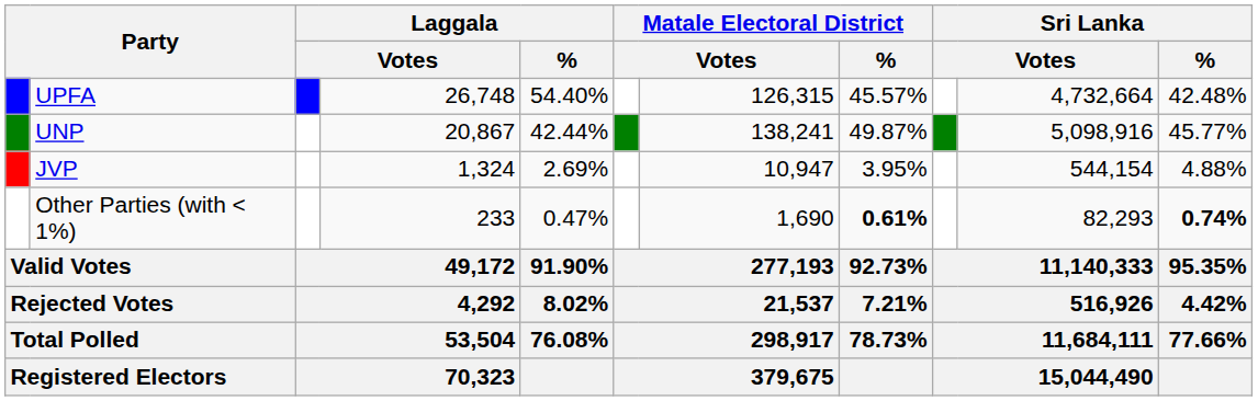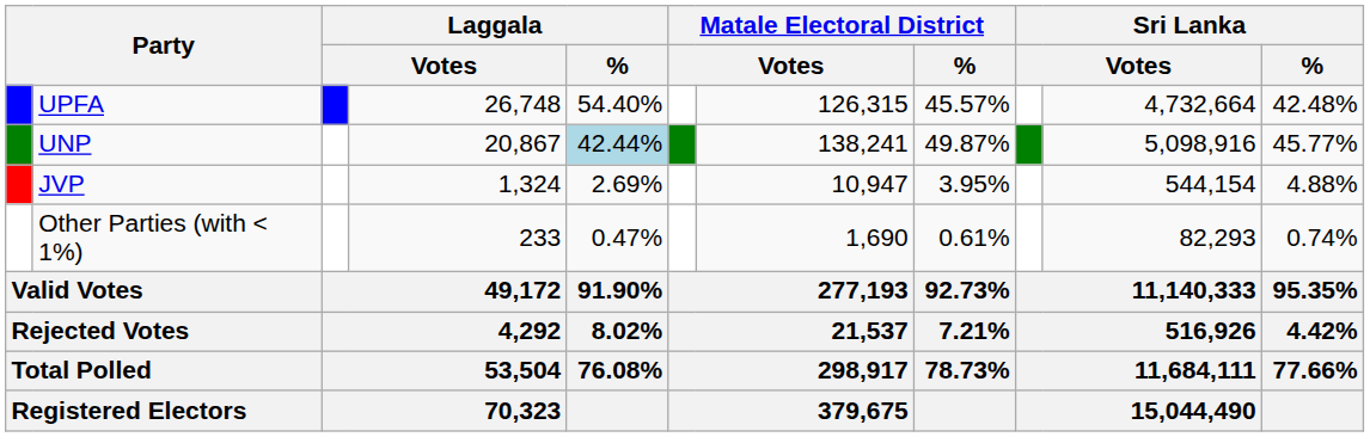 <table class="wikitable">
 <tr>
 <th colspan="2" width="144px"rowspan="2">Party</th>
 <th colspan="3" width="216px">Laggala</th>
 <th colspan="3" width="216px"><a href='#'>Matale Electoral District</a></th>
 <th colspan="3" width="216px">Sri Lanka</th>
 </tr>
 <tr>
 <th colspan="2" width="144px">Votes</th>
 <th>%</th>
 <th colspan="2" width="144px">Votes</th>
 <th>%</th>
 <th colspan="2" width="144px">Votes</th>
 <th>%</th>
 </tr>
 <tr>
 <td style="background-color:blue;" width="10px"></td>
 <td style="text-align:left;"><a href='#'>UPFA</a></td>
 <td style="background-color:blue;" width="10px"></td>
 <td style="text-align:right;">26,748</td>
 <td style="text-align:right;">54.40%</td>
 <td style="background-color:white;" width="10px"></td>
 <td style="text-align:right;">126,315</td>
 <td style="text-align:right;">45.57%</td>
 <td style="background-color:white;" width="10px"></td>
 <td style="text-align:right;">4,732,664</td>
 <td style="text-align:right;">42.48%</td>
 </tr>
 <tr>
 <td style="background-color:green;" width="10px"></td>
 <td style="text-align:left;"><a href='#'>UNP</a></td>
 <td style="background-color:white;" width="10px"></td>
 <td style="text-align:right;">20,867</td>
-<td style="text-align:right;">42.44%</td>
+<td style="background: lightblue; text-align:right;">42.44%</td>
 <td style="background-color:green;" width="10px"></td>
 <td style="text-align:right;">138,241</td>
 <td style="text-align:right;">49.87%</td>
 <td style="background-color:green;" width="10px"></td>
 <td style="text-align:right;">5,098,916</td>
 <td style="text-align:right;">45.77%</td>
 </tr>
 <tr>
 <td style="background-color:red;" width="10px"></td>
 <td style="text-align:left;"><a href='#'>JVP</a></td>
 <td style="background-color:white;" width="10px"></td>
 <td style="text-align:right;">1,324</td>
 <td style="text-align:right;">2.69%</td>
 <td style="background-color:white;" width="10px"></td>
 <td style="text-align:right;">10,947</td>
 <td style="text-align:right;">3.95%</td>
 <td style="background-color:white;" width="10px"></td>
 <td style="text-align:right;">544,154</td>
 <td style="text-align:right;">4.88%</td>
 </tr>
 <tr>
 <td style="background-color:white;" width="10px"></td>
 <td style="text-align:left;">Other Parties (with < 1%)</td>
 <td style="background-color:white;" width="10px"></td>
 <td style="text-align:right;">233</td>
 <td style="text-align:right;">0.47%</td>
 <td style="background-color:white;" width="10px"></td>
 <td style="text-align:right;">1,690</td>
-<td style="text-align:right;"><strong>0.61%</strong></td>
+<td style="text-align:right;">0.61%</td>
 <td style="background-color:white;" width="10px"></td>
 <td style="text-align:right;">82,293</td>
-<td style="text-align:right;"><strong>0.74%</strong></td>
+<td style="text-align:right;">0.74%</td>
 </tr>
 <tr>
 <th colspan="2" width="144px"style="text-align:left;">Valid Votes</th>
 <th style="text-align:right;"colspan="2" width="144px">49,172</th>
 <th style="text-align:right;">91.90%</th>
 <th style="text-align:right;"colspan="2" width="144px">277,193</th>
 <th style="text-align:right;">92.73%</th>
 <th style="text-align:right;"colspan="2" width="144px">11,140,333</th>
 <th style="text-align:right;">95.35%</th>
 </tr>
 <tr>
 <th colspan="2" width="144px"style="text-align:left;">Rejected Votes</th>
 <th style="text-align:right;"colspan="2" width="144px">4,292</th>
 <th style="text-align:right;">8.02%</th>
 <th style="text-align:right;"colspan="2" width="144px">21,537</th>
 <th style="text-align:right;">7.21%</th>
 <th style="text-align:right;"colspan="2" width="144px">516,926</th>
 <th style="text-align:right;">4.42%</th>
 </tr>
 <tr>
 <th colspan="2" width="144px"style="text-align:left;">Total Polled</th>
 <th style="text-align:right;"colspan="2" width="144px">53,504</th>
 <th style="text-align:right;">76.08%</th>
 <th style="text-align:right;"colspan="2" width="144px">298,917</th>
 <th style="text-align:right;">78.73%</th>
 <th style="text-align:right;"colspan="2" width="144px">11,684,111</th>
 <th style="text-align:right;">77.66%</th>
 </tr>
 <tr>
 <th colspan="2" width="144px"style="text-align:left;">Registered Electors</th>
 <th style="text-align:right;"colspan="2" width="144px">70,323</th>
 <th></th>
 <th style="text-align:right;"colspan="2" width="144px">379,675</th>
 <th></th>
 <th style="text-align:right;"colspan="2" width="144px">15,044,490</th>
 <th></th>
 </tr>
 </table>
